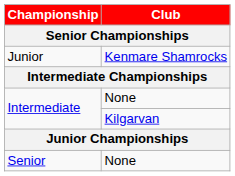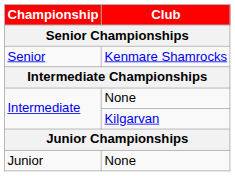 <table class="wikitable sortable">
 <tr>
 <th style="background:red;color:white">Championship</th>
 <th style="background:red;color:white">Club</th>
 </tr>
 <tr>
 <th colspan="2">Senior Championships</th>
 </tr>
 <tr>
-<td>Junior</td>
+<td><a href='#'>Senior</a></td>
 <td> <a href='#'>Kenmare Shamrocks</a></td>
 </tr>
 <tr>
 <th colspan="2">Intermediate Championships</th>
 </tr>
 <tr>
 <td rowspan="2"><a href='#'>Intermediate</a></td>
 <td>None</td>
 </tr>
 <tr>
 <td> <a href='#'>Kilgarvan</a></td>
 </tr>
 <tr>
 <th colspan="2">Junior Championships</th>
 </tr>
 <tr>
-<td><a href='#'>Senior</a></td>
+<td>Junior</td>
 <td>None</td>
 </tr>
 </table>
